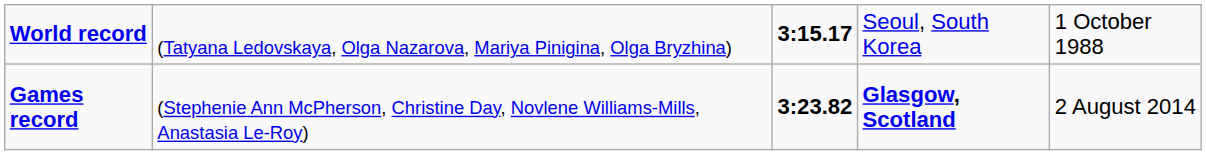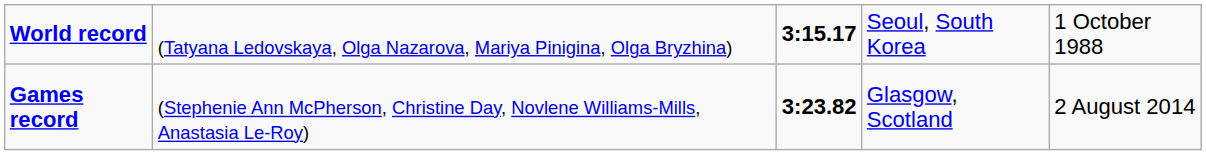 <table class="wikitable">
 <tr>
 <td><a href='#'><strong>World record</strong></a></td>
 <td><br><small>(<a href='#'>Tatyana Ledovskaya</a>, <a href='#'>Olga Nazarova</a>, <a href='#'>Mariya Pinigina</a>, <a href='#'>Olga Bryzhina</a>)</small></td>
 <td><strong>3:15.17</strong></td>
 <td><a href='#'>Seoul</a>, <a href='#'>South Korea</a></td>
 <td>1 October 1988</td>
 </tr>
 <tr>
 <td><a href='#'><strong>Games record</strong></a></td>
 <td><br><small>(<a href='#'>Stephenie Ann McPherson</a>, <a href='#'>Christine Day</a>, <a href='#'>Novlene Williams-Mills</a>, <a href='#'>Anastasia Le-Roy</a>)</small></td>
 <td><strong>3:23.82</strong></td>
-<td><strong><a href='#'>Glasgow</a>, <a href='#'>Scotland</a></strong></td>
+<td><a href='#'>Glasgow</a>, <a href='#'>Scotland</a></td>
 <td>2 August 2014</td>
 </tr>
 </table>
